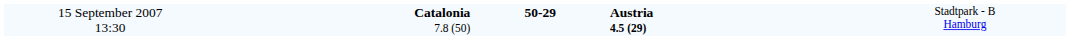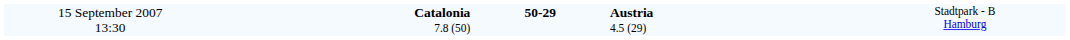 <table style="width: 100%; background:#F5FAFF;" cellspacing="0">
 <tr>
 <td align=center rowspan=3 width=20%>15 September 2007<br>13:30</td>
 </tr>
 <tr>
 <td width=24% align=right><strong>Catalonia</strong></td>
 <td align=center width=13%><strong>50-29</strong></td>
 <td width=24%><strong>Austria</strong></td>
 <td style=font-size:85% rowspan=3 valign=top align=center>Stadtpark - B <br><a href='#'>Hamburg</a></td>
 </tr>
 <tr style=font-size:85%>
 <td align=right>7.8 (50)</td>
 <td align=center></td>
-<td><strong>4.5 (29)</strong></td>
+<td>4.5 (29)</td>
 </tr>
 </table>
